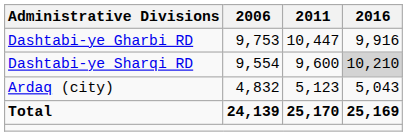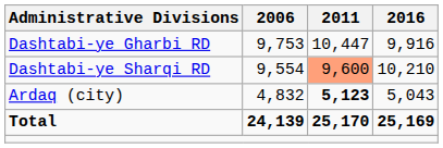 <table class="wikitable">
 <tr>
 <th>Administrative Divisions</th>
 <th>2006</th>
 <th>2011</th>
 <th>2016</th>
 </tr>
 <tr>
 <td><a href='#'>Dashtabi-ye Gharbi RD</a></td>
 <td style="text-align: right;">9,753</td>
 <td style="text-align: right;">10,447</td>
 <td style="text-align: right;">9,916</td>
 </tr>
 <tr>
 <td><a href='#'>Dashtabi-ye Sharqi RD</a></td>
 <td style="text-align: right;">9,554</td>
-<td style="text-align: right;">9,600</td>
-<td style="background: lightgrey; text-align: right;">10,210</td>
+<td style="background: lightsalmon; text-align: right;">9,600</td>
+<td style="text-align: right;">10,210</td>
 </tr>
 <tr>
 <td><a href='#'>Ardaq</a> (city)</td>
 <td style="text-align: right;">4,832</td>
-<td style="text-align: right;">5,123</td>
+<td style="text-align: right;"><strong>5,123</strong></td>
 <td style="text-align: right;">5,043</td>
 </tr>
 <tr>
 <td><strong>Total</strong></td>
 <td style="text-align: right;"><strong>24,139</strong></td>
 <td style="text-align: right;"><strong>25,170</strong></td>
 <td style="text-align: right;"><strong>25,169</strong></td>
 </tr>
 <tr>
 <td colspan=4></td>
 </tr>
 </table>
